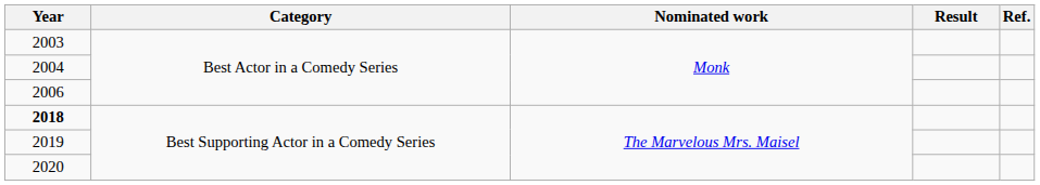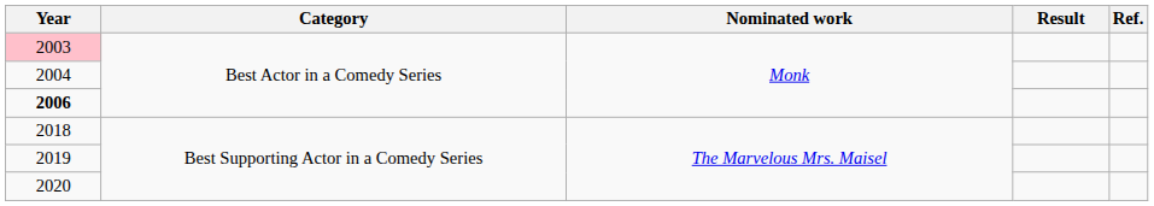 <table class="wikitable plainrowheaders" style="text-align:center;">
 <tr>
 <th scope="col" style="width:5em;">Year</th>
 <th scope="col" style="width:26em;">Category</th>
 <th scope="col" style="width:25em;">Nominated work</th>
 <th scope="col" style="width:5em;">Result</th>
 <th>Ref.</th>
 </tr>
 <tr>
-<td>2003</td>
+<td style="background: pink;">2003</td>
 <td rowspan="3">Best Actor in a Comedy Series</td>
 <td rowspan="3"><em><a href='#'>Monk</a></em></td>
 <td></td>
 <td></td>
 </tr>
 <tr>
 <td>2004</td>
 <td></td>
 <td></td>
 </tr>
 <tr>
-<td>2006</td>
+<td><strong>2006</strong></td>
 <td></td>
 <td></td>
 </tr>
 <tr>
-<td><strong>2018</strong></td>
+<td>2018</td>
 <td rowspan="3">Best Supporting Actor in a Comedy Series</td>
 <td rowspan="3"><em><a href='#'>The Marvelous Mrs. Maisel</a></em></td>
 <td></td>
 <td></td>
 </tr>
 <tr>
 <td>2019</td>
 <td></td>
 <td></td>
 </tr>
 <tr>
 <td>2020</td>
 <td></td>
 <td></td>
 </tr>
 </table>
